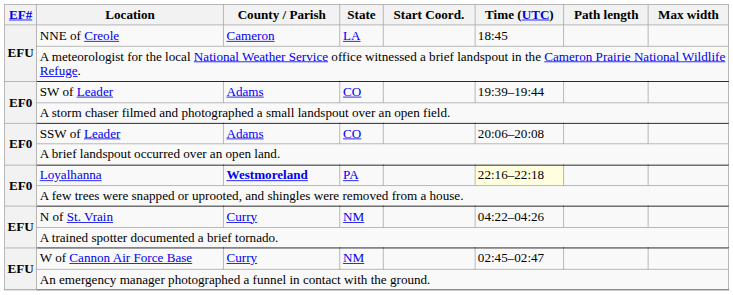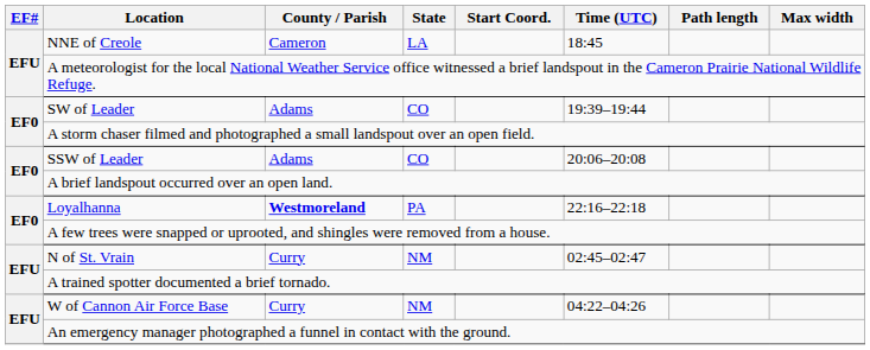 <table class="wikitable sortable" style="width:100%;">
 <tr>
 <th scope="col" width="2%" align="center"><a href='#'>EF#</a></th>
 <th scope="col" align="center" class="unsortable">Location</th>
 <th scope="col" align="center" class="unsortable">County / Parish</th>
 <th scope="col" align="center">State</th>
 <th scope="col" align="center">Start Coord.</th>
 <th scope="col" align="center">Time (<a href='#'>UTC</a>)</th>
 <th scope="col" align="center">Path length</th>
 <th scope="col" align="center">Max width</th>
 </tr>
 <tr>
 <th scope="row" rowspan="2" style="background-color:#">EFU</th>
 <td>NNE of <a href='#'>Creole</a></td>
 <td><a href='#'>Cameron</a></td>
 <td><a href='#'>LA</a></td>
 <td></td>
 <td>18:45</td>
 <td></td>
 <td></td>
 </tr>
 <tr class="expand-child">
 <td colspan="8" style=" border-bottom: 1px solid black;">A meteorologist for the local <a href='#'>National Weather Service</a> office witnessed a brief landspout in the <a href='#'>Cameron Prairie National Wildlife Refuge</a>.</td>
 </tr>
 <tr>
 <th scope="row" rowspan="2" style="background-color:#">EF0</th>
 <td>SW of <a href='#'>Leader</a></td>
 <td><a href='#'>Adams</a></td>
 <td><a href='#'>CO</a></td>
 <td></td>
 <td>19:39–19:44</td>
 <td></td>
 <td></td>
 </tr>
 <tr class="expand-child">
 <td colspan="8" style=" border-bottom: 1px solid black;">A storm chaser filmed and photographed a small landspout over an open field.</td>
 </tr>
 <tr>
 <th scope="row" rowspan="2" style="background-color:#">EF0</th>
 <td>SSW of <a href='#'>Leader</a></td>
 <td><a href='#'>Adams</a></td>
 <td><a href='#'>CO</a></td>
 <td></td>
 <td>20:06–20:08</td>
 <td></td>
 <td></td>
 </tr>
 <tr class="expand-child">
 <td colspan="8" style=" border-bottom: 1px solid black;">A brief landspout occurred over an open land.</td>
 </tr>
 <tr>
 <th scope="row" rowspan="2" style="background-color:#">EF0</th>
 <td><a href='#'>Loyalhanna</a></td>
 <td><strong><a href='#'>Westmoreland</a></strong></td>
 <td><a href='#'>PA</a></td>
 <td></td>
-<td style="background: lightyellow;">22:16–22:18</td>
+<td>22:16–22:18</td>
 <td></td>
 <td></td>
 </tr>
 <tr class="expand-child">
 <td colspan="8" style=" border-bottom: 1px solid black;">A few trees were snapped or uprooted, and shingles were removed from a house.</td>
 </tr>
 <tr>
 <th scope="row" rowspan="2" style="background-color:#">EFU</th>
 <td>N of <a href='#'>St. Vrain</a></td>
 <td><a href='#'>Curry</a></td>
 <td><a href='#'>NM</a></td>
 <td></td>
-<td>04:22–04:26</td>
+<td>02:45–02:47</td>
 <td></td>
 <td></td>
 </tr>
 <tr class="expand-child">
 <td colspan="8" style=" border-bottom: 1px solid black;">A trained spotter documented a brief tornado.</td>
 </tr>
 <tr>
 <th scope="row" rowspan="2" style="background-color:#">EFU</th>
 <td>W of <a href='#'>Cannon Air Force Base</a></td>
 <td><a href='#'>Curry</a></td>
 <td><a href='#'>NM</a></td>
 <td></td>
-<td>02:45–02:47</td>
+<td>04:22–04:26</td>
 <td></td>
 <td></td>
 </tr>
 <tr class="expand-child">
 <td colspan="8" style=" border-bottom: 1px solid black;">An emergency manager photographed a funnel in contact with the ground.</td>
 </tr>
 <tr>
 </tr>
 </table>
